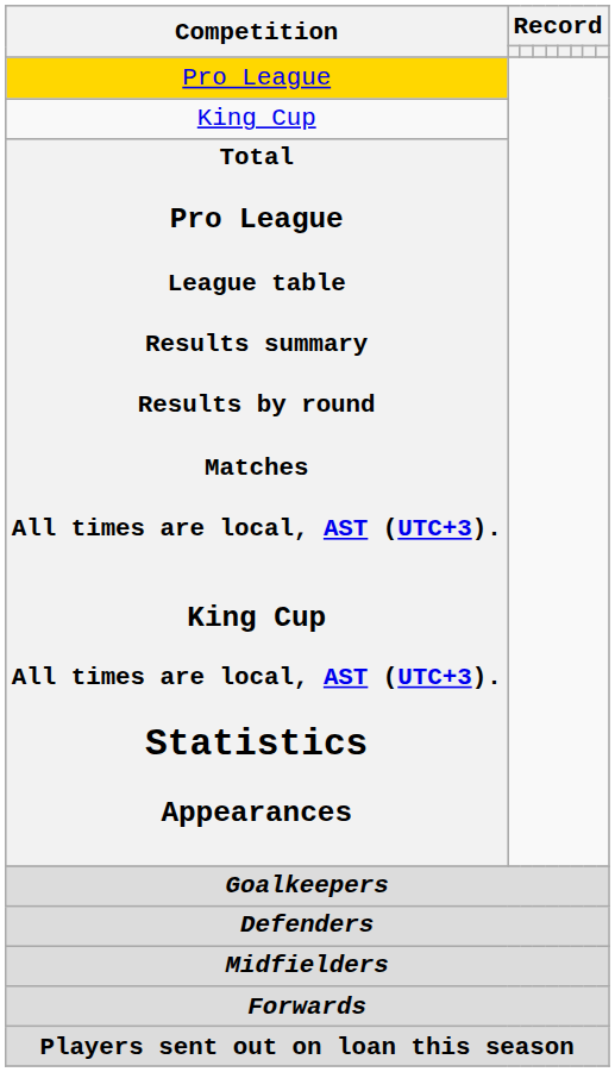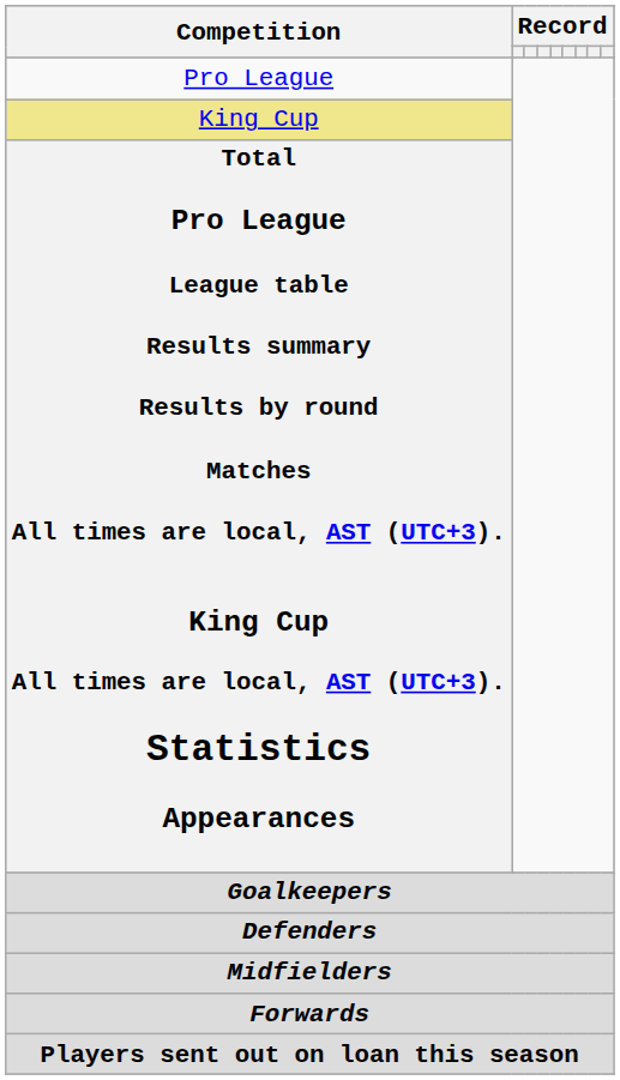 <table class="wikitable" style="text-align: center">
 <tr>
 <th rowspan=2>Competition</th>
 <th colspan=8>Record</th>
 </tr>
 <tr>
 <th></th>
 <th></th>
 <th></th>
 <th></th>
 <th></th>
 <th></th>
 <th></th>
 <th></th>
 </tr>
 <tr>
-<td style="background: gold;"><a href='#'>Pro League</a><br></td>
+<td><a href='#'>Pro League</a><br></td>
 </tr>
 <tr>
-<td><a href='#'>King Cup</a><br></td>
+<td style="background: khaki;"><a href='#'>King Cup</a><br></td>
 </tr>
 <tr>
 <th>Total<br> <h3>Pro League</h3><h4>League table</h4><h4>Results summary</h4> <h4>Results by round</h4><h4>Matches</h4>All times are local, <a href='#'>AST</a> (<a href='#'>UTC+3</a>).<br>   <br>                             <h3>King Cup</h3> All times are local, <a href='#'>AST</a> (<a href='#'>UTC+3</a>).<br><h2>Statistics</h2><h3>Appearances</h3></th>
 </tr>
 <tr>
 <th colspan=10 style=background:#dcdcdc; text-align:center><em>Goalkeepers</em><br>  </th>
 </tr>
 <tr>
 <th colspan=10 style=background:#dcdcdc; text-align:center><em>Defenders</em><br>       </th>
 </tr>
 <tr>
 <th colspan=10 style=background:#dcdcdc; text-align:center><em>Midfielders</em><br>          </th>
 </tr>
 <tr>
 <th colspan=10 style=background:#dcdcdc; text-align:center><em>Forwards</em><br>     </th>
 </tr>
 <tr>
 <th colspan=16 style=background:#dcdcdc; text-align:center>Players sent out on loan this season<br> </th>
 </tr>
 </table>
